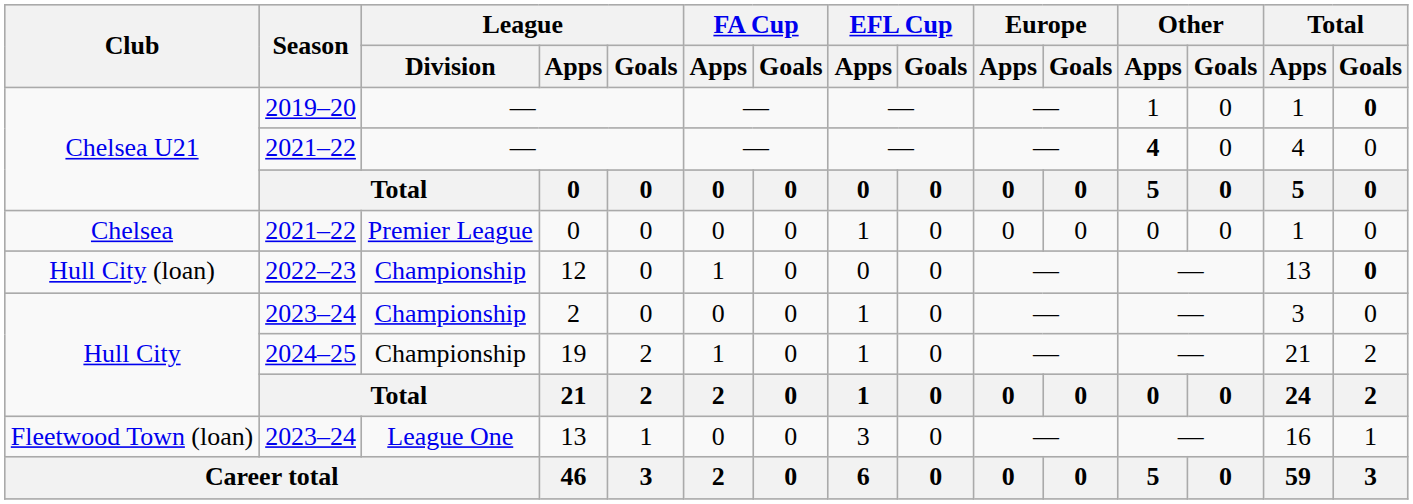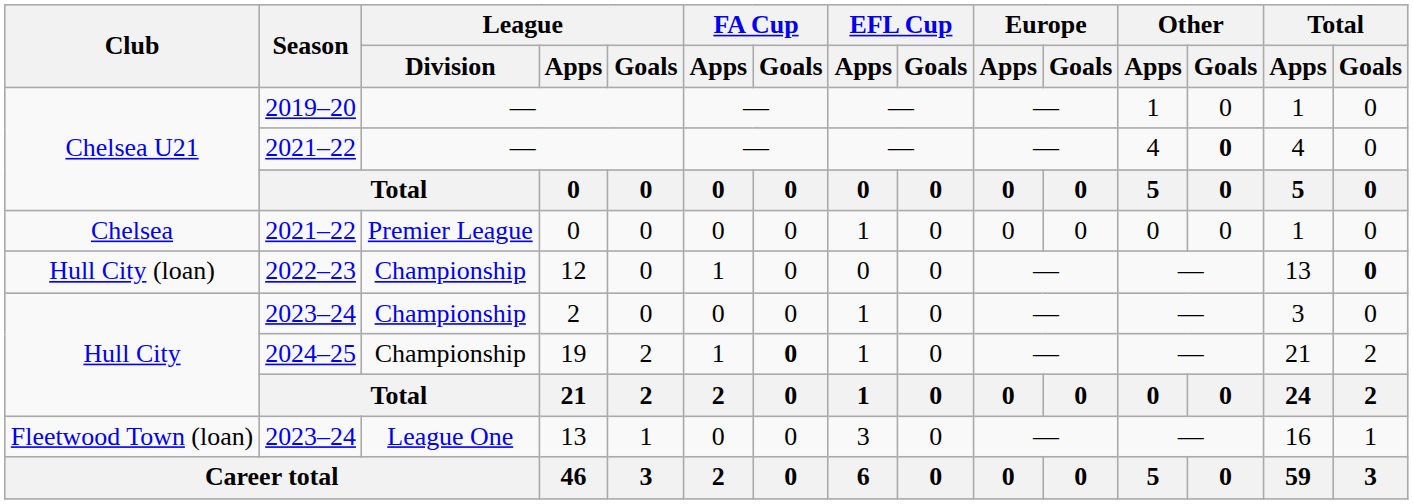 <table class="wikitable" style="text-align: center;">
 <tr>
 <th rowspan="2">Club</th>
 <th rowspan="2">Season</th>
 <th colspan="3">League</th>
 <th colspan="2"><a href='#'>FA Cup</a></th>
 <th colspan="2"><a href='#'>EFL Cup</a></th>
 <th colspan="2">Europe</th>
 <th colspan="2">Other</th>
 <th colspan="2">Total</th>
 </tr>
 <tr>
 <th>Division</th>
 <th>Apps</th>
 <th>Goals</th>
 <th>Apps</th>
 <th>Goals</th>
 <th>Apps</th>
 <th>Goals</th>
 <th>Apps</th>
 <th>Goals</th>
 <th>Apps</th>
 <th>Goals</th>
 <th>Apps</th>
 <th>Goals</th>
 </tr>
 <tr>
 <td rowspan="3"><a href='#'>Chelsea U21</a></td>
 <td><a href='#'>2019–20</a></td>
 <td colspan="3">—</td>
 <td colspan="2">—</td>
 <td colspan="2">—</td>
 <td colspan="2">—</td>
 <td>1</td>
 <td>0</td>
 <td>1</td>
-<td><strong>0</strong></td>
+<td>0</td>
 </tr>
 <tr>
 <td><a href='#'>2021–22</a></td>
 <td colspan="3">—</td>
 <td colspan="2">—</td>
 <td colspan="2">—</td>
 <td colspan="2">—</td>
-<td><strong>4</strong></td>
-<td>0</td>
+<td>4</td>
+<td><strong>0</strong></td>
 <td>4</td>
 <td>0</td>
 </tr>
 <tr>
 <th colspan="2">Total</th>
 <th>0</th>
 <th>0</th>
 <th>0</th>
 <th>0</th>
 <th>0</th>
 <th>0</th>
 <th>0</th>
 <th>0</th>
 <th>5</th>
 <th>0</th>
 <th>5</th>
 <th>0</th>
 </tr>
 <tr>
 <td><a href='#'>Chelsea</a></td>
 <td><a href='#'>2021–22</a></td>
 <td><a href='#'>Premier League</a></td>
 <td>0</td>
 <td>0</td>
 <td>0</td>
 <td>0</td>
 <td>1</td>
 <td>0</td>
 <td>0</td>
 <td>0</td>
 <td>0</td>
 <td>0</td>
 <td>1</td>
 <td>0</td>
 </tr>
 <tr>
 <td><a href='#'>Hull City</a> (loan)</td>
 <td><a href='#'>2022–23</a></td>
 <td><a href='#'>Championship</a></td>
 <td>12</td>
 <td>0</td>
 <td>1</td>
 <td>0</td>
 <td>0</td>
 <td>0</td>
 <td colspan="2">—</td>
 <td colspan="2">—</td>
 <td>13</td>
 <td><strong>0</strong></td>
 </tr>
 <tr>
 <td rowspan="3"><a href='#'>Hull City</a></td>
 <td><a href='#'>2023–24</a></td>
 <td><a href='#'>Championship</a></td>
 <td>2</td>
 <td>0</td>
 <td>0</td>
 <td>0</td>
 <td>1</td>
 <td>0</td>
 <td colspan="2">—</td>
 <td colspan="2">—</td>
 <td>3</td>
 <td>0</td>
 </tr>
 <tr>
 <td><a href='#'>2024–25</a></td>
 <td>Championship</td>
 <td>19</td>
 <td>2</td>
 <td>1</td>
-<td>0</td>
+<td><strong>0</strong></td>
 <td>1</td>
 <td>0</td>
 <td colspan="2">—</td>
 <td colspan="2">—</td>
 <td>21</td>
 <td>2</td>
 </tr>
 <tr>
 <th colspan="2">Total</th>
 <th>21</th>
 <th>2</th>
 <th>2</th>
 <th>0</th>
 <th>1</th>
 <th>0</th>
 <th>0</th>
 <th>0</th>
 <th>0</th>
 <th>0</th>
 <th>24</th>
 <th>2</th>
 </tr>
 <tr>
 <td><a href='#'>Fleetwood Town</a> (loan)</td>
 <td><a href='#'>2023–24</a></td>
 <td><a href='#'>League One</a></td>
 <td>13</td>
 <td>1</td>
 <td>0</td>
 <td>0</td>
 <td>3</td>
 <td>0</td>
 <td colspan="2">—</td>
 <td colspan="2">—</td>
 <td>16</td>
 <td>1</td>
 </tr>
 <tr>
 <th colspan="3">Career total</th>
 <th>46</th>
 <th>3</th>
 <th>2</th>
 <th>0</th>
 <th>6</th>
 <th>0</th>
 <th>0</th>
 <th>0</th>
 <th>5</th>
 <th>0</th>
 <th>59</th>
 <th>3</th>
 </tr>
 </table>
